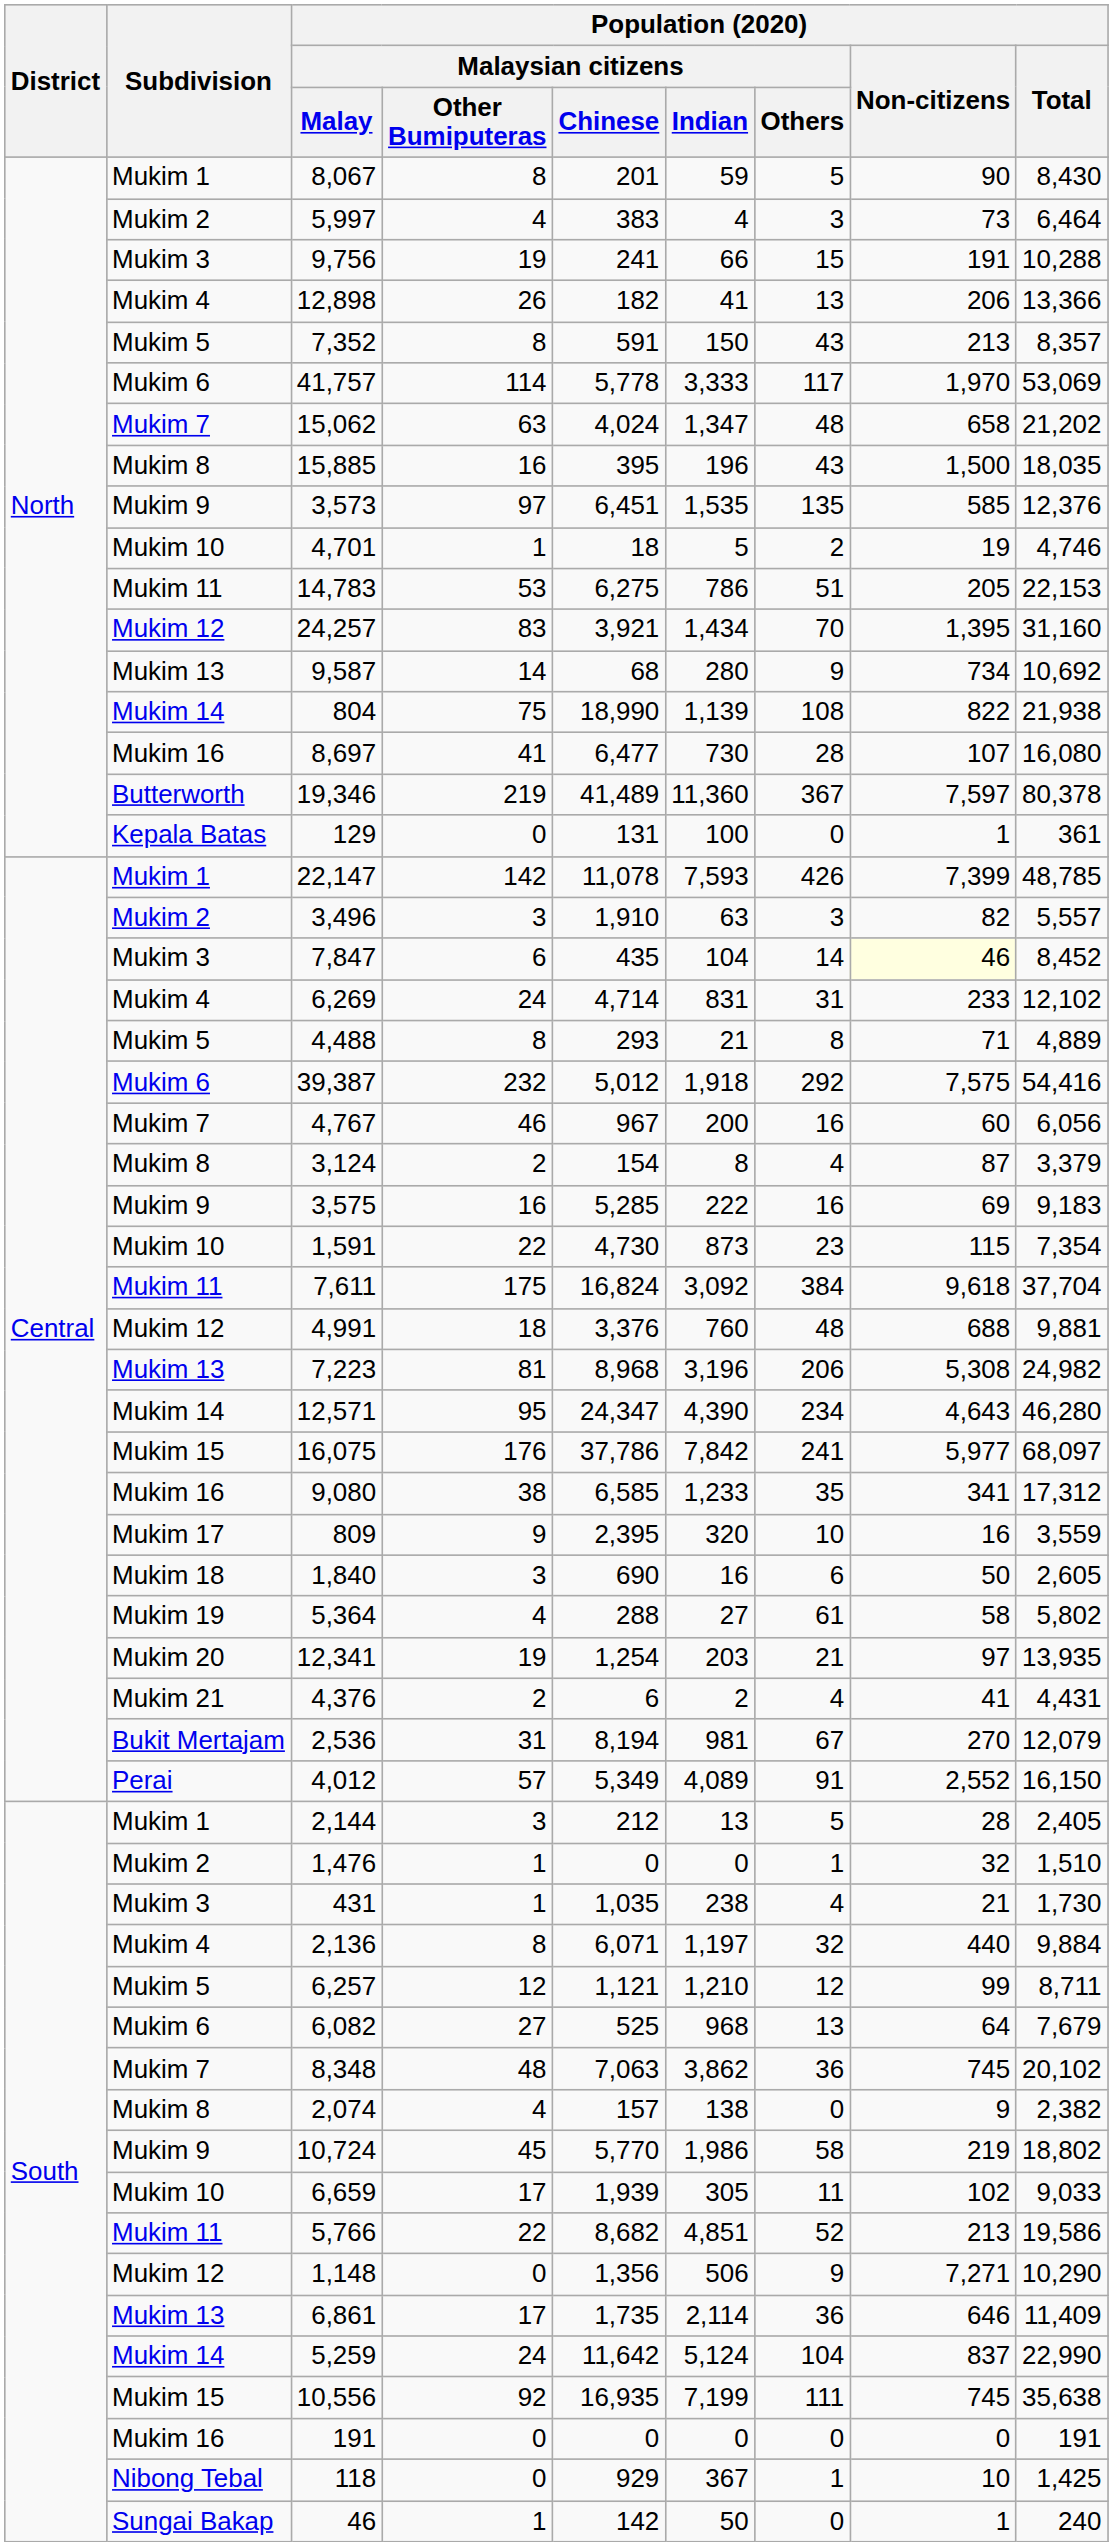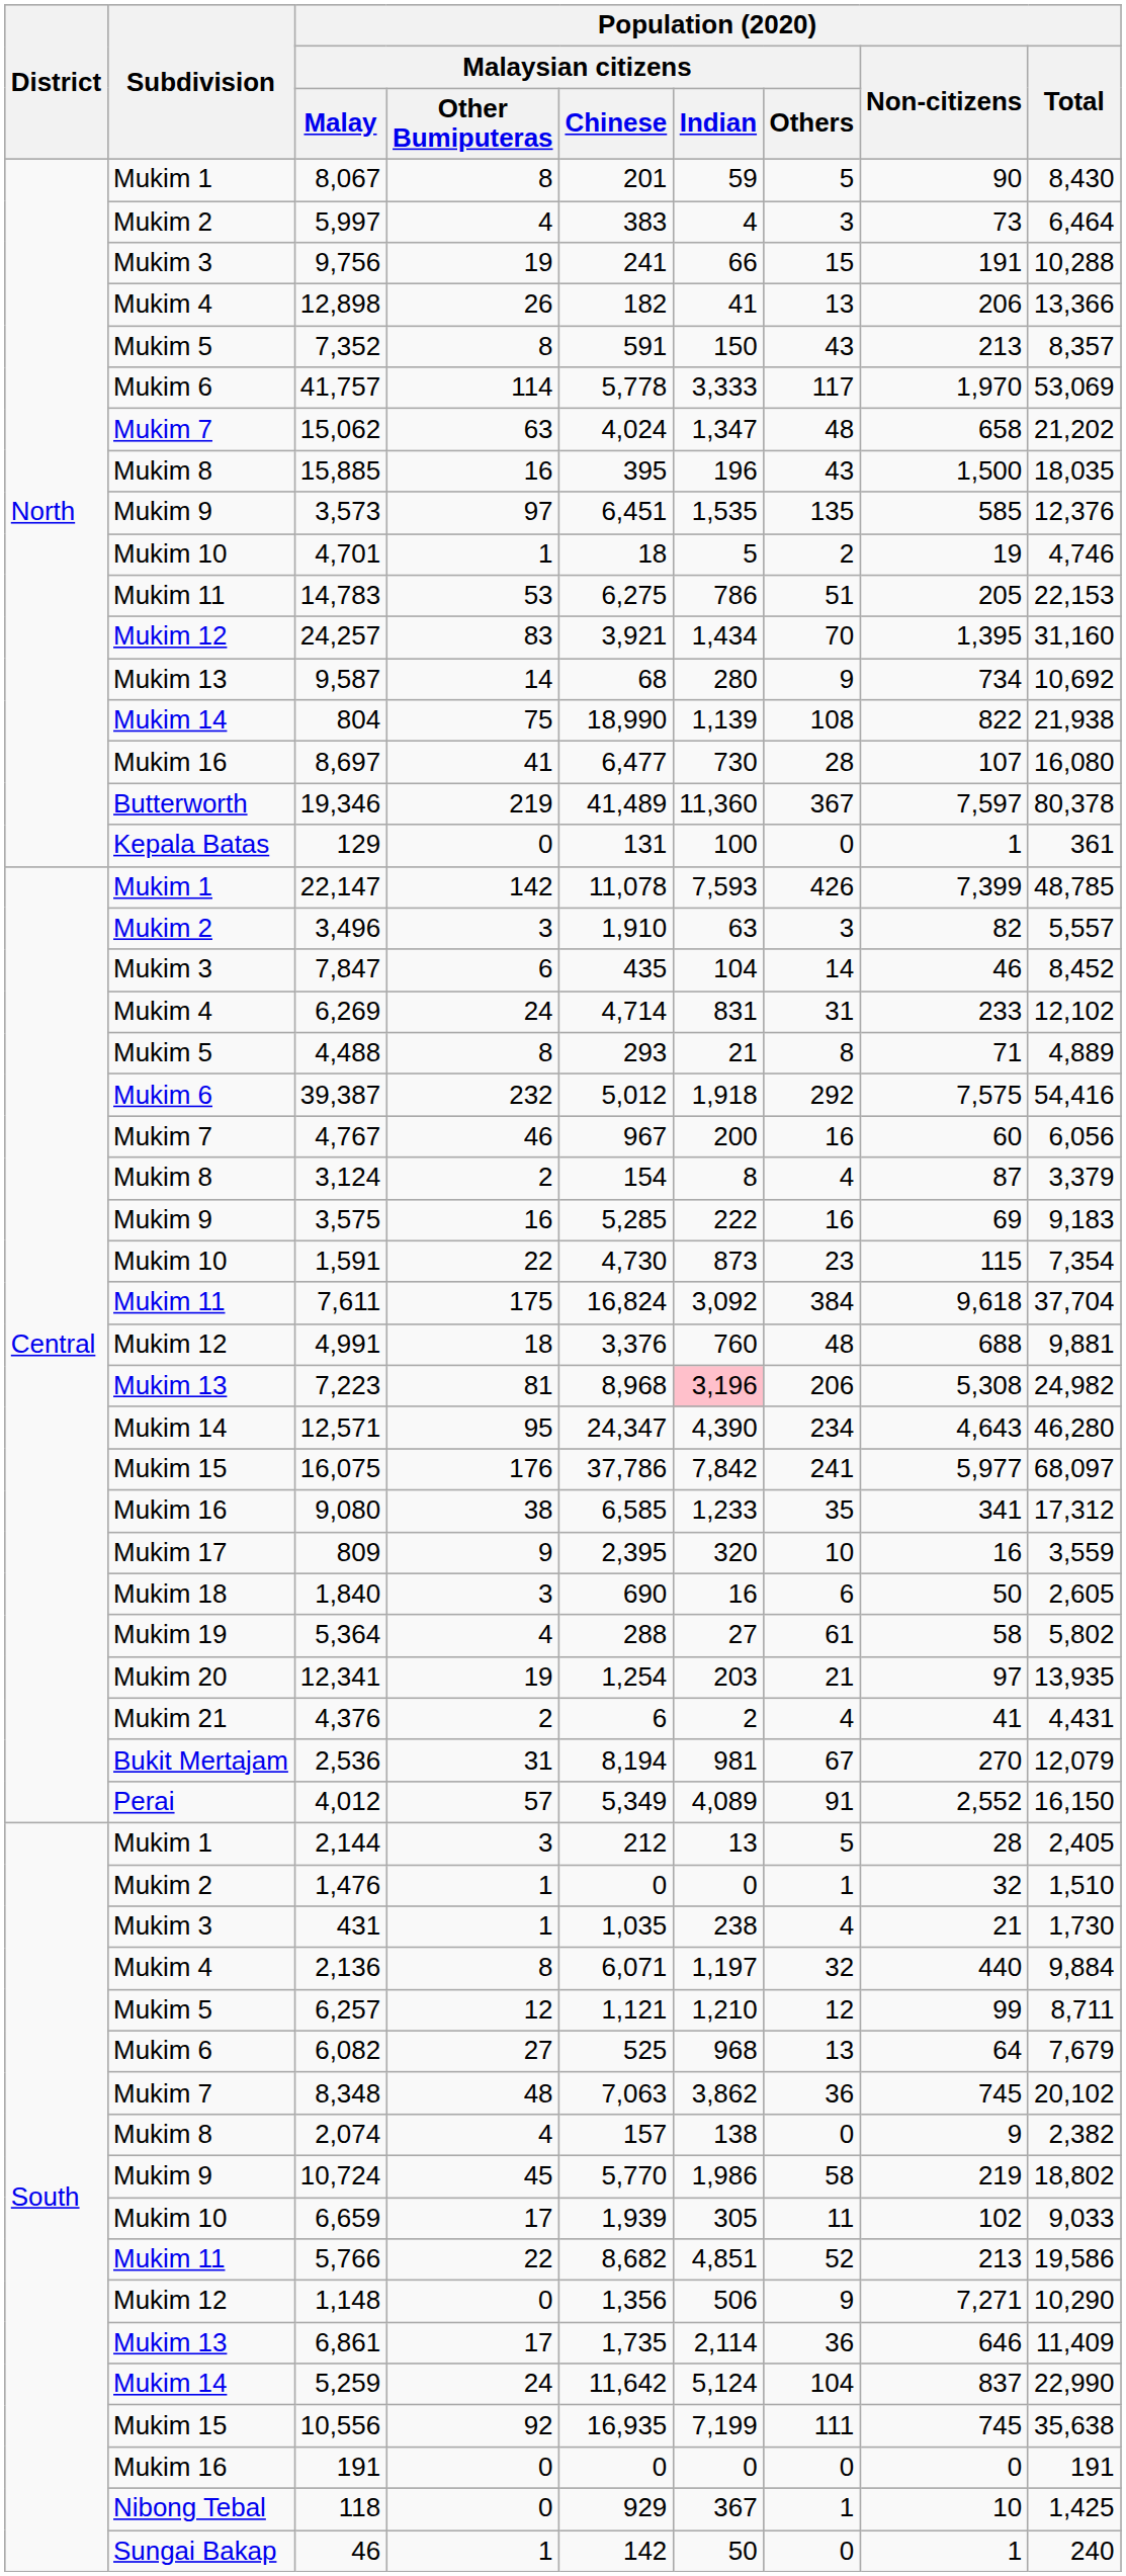 <table class="wikitable sortable mw-collapsible">
 <tr>
 <th rowspan="3">District</th>
 <th rowspan="3">Subdivision</th>
 <th colspan="7">Population (2020)</th>
 </tr>
 <tr>
 <th colspan="5">Malaysian citizens</th>
 <th rowspan="2">Non-citizens</th>
 <th rowspan="2">Total</th>
 </tr>
 <tr>
 <th><a href='#'>Malay</a></th>
 <th>Other<br><a href='#'>Bumiputeras</a></th>
 <th><a href='#'>Chinese</a></th>
 <th><a href='#'>Indian</a></th>
 <th>Others</th>
 </tr>
 <tr>
 <td rowspan="17"><a href='#'>North</a></td>
 <td>Mukim 1</td>
 <td align="right">8,067</td>
 <td align="right">8</td>
 <td align="right">201</td>
 <td align="right">59</td>
 <td align="right">5</td>
 <td align="right">90</td>
 <td align="right">8,430</td>
 </tr>
 <tr>
 <td>Mukim 2</td>
 <td align="right">5,997</td>
 <td align="right">4</td>
 <td align="right">383</td>
 <td align="right">4</td>
 <td align="right">3</td>
 <td align="right">73</td>
 <td align="right">6,464</td>
 </tr>
 <tr>
 <td>Mukim 3</td>
 <td align="right">9,756</td>
 <td align="right">19</td>
 <td align="right">241</td>
 <td align="right">66</td>
 <td align="right">15</td>
 <td align="right">191</td>
 <td align="right">10,288</td>
 </tr>
 <tr>
 <td>Mukim 4</td>
 <td align="right">12,898</td>
 <td align="right">26</td>
 <td align="right">182</td>
 <td align="right">41</td>
 <td align="right">13</td>
 <td align="right">206</td>
 <td align="right">13,366</td>
 </tr>
 <tr>
 <td>Mukim 5</td>
 <td align="right">7,352</td>
 <td align="right">8</td>
 <td align="right">591</td>
 <td align="right">150</td>
 <td align="right">43</td>
 <td align="right">213</td>
 <td align="right">8,357</td>
 </tr>
 <tr>
 <td>Mukim 6</td>
 <td align="right">41,757</td>
 <td align="right">114</td>
 <td align="right">5,778</td>
 <td align="right">3,333</td>
 <td align="right">117</td>
 <td align="right">1,970</td>
 <td align="right">53,069</td>
 </tr>
 <tr>
 <td><a href='#'>Mukim 7</a></td>
 <td align="right">15,062</td>
 <td align="right">63</td>
 <td align="right">4,024</td>
 <td align="right">1,347</td>
 <td align="right">48</td>
 <td align="right">658</td>
 <td align="right">21,202</td>
 </tr>
 <tr>
 <td>Mukim 8</td>
 <td align="right">15,885</td>
 <td align="right">16</td>
 <td align="right">395</td>
 <td align="right">196</td>
 <td align="right">43</td>
 <td align="right">1,500</td>
 <td align="right">18,035</td>
 </tr>
 <tr>
 <td>Mukim 9</td>
 <td align="right">3,573</td>
 <td align="right">97</td>
 <td align="right">6,451</td>
 <td align="right">1,535</td>
 <td align="right">135</td>
 <td align="right">585</td>
 <td align="right">12,376</td>
 </tr>
 <tr>
 <td>Mukim 10</td>
 <td align="right">4,701</td>
 <td align="right">1</td>
 <td align="right">18</td>
 <td align="right">5</td>
 <td align="right">2</td>
 <td align="right">19</td>
 <td align="right">4,746</td>
 </tr>
 <tr>
 <td>Mukim 11</td>
 <td align="right">14,783</td>
 <td align="right">53</td>
 <td align="right">6,275</td>
 <td align="right">786</td>
 <td align="right">51</td>
 <td align="right">205</td>
 <td align="right">22,153</td>
 </tr>
 <tr>
 <td><a href='#'>Mukim 12</a></td>
 <td align="right">24,257</td>
 <td align="right">83</td>
 <td align="right">3,921</td>
 <td align="right">1,434</td>
 <td align="right">70</td>
 <td align="right">1,395</td>
 <td align="right">31,160</td>
 </tr>
 <tr>
 <td>Mukim 13</td>
 <td align="right">9,587</td>
 <td align="right">14</td>
 <td align="right">68</td>
 <td align="right">280</td>
 <td align="right">9</td>
 <td align="right">734</td>
 <td align="right">10,692</td>
 </tr>
 <tr>
 <td><a href='#'>Mukim 14</a></td>
 <td align="right">804</td>
 <td align="right">75</td>
 <td align="right">18,990</td>
 <td align="right">1,139</td>
 <td align="right">108</td>
 <td align="right">822</td>
 <td align="right">21,938</td>
 </tr>
 <tr>
 <td>Mukim 16</td>
 <td align="right">8,697</td>
 <td align="right">41</td>
 <td align="right">6,477</td>
 <td align="right">730</td>
 <td align="right">28</td>
 <td align="right">107</td>
 <td align="right">16,080</td>
 </tr>
 <tr>
 <td><a href='#'>Butterworth</a></td>
 <td align="right">19,346</td>
 <td align="right">219</td>
 <td align="right">41,489</td>
 <td align="right">11,360</td>
 <td align="right">367</td>
 <td align="right">7,597</td>
 <td align="right">80,378</td>
 </tr>
 <tr>
 <td><a href='#'>Kepala Batas</a></td>
 <td align="right">129</td>
 <td align="right">0</td>
 <td align="right">131</td>
 <td align="right">100</td>
 <td align="right">0</td>
 <td align="right">1</td>
 <td align="right">361</td>
 </tr>
 <tr>
 <td rowspan="23"><a href='#'>Central</a></td>
 <td><a href='#'>Mukim 1</a></td>
 <td align="right">22,147</td>
 <td align="right">142</td>
 <td align="right">11,078</td>
 <td align="right">7,593</td>
 <td align="right">426</td>
 <td align="right">7,399</td>
 <td align="right">48,785</td>
 </tr>
 <tr>
 <td><a href='#'>Mukim 2</a></td>
 <td align="right">3,496</td>
 <td align="right">3</td>
 <td align="right">1,910</td>
 <td align="right">63</td>
 <td align="right">3</td>
 <td align="right">82</td>
 <td align="right">5,557</td>
 </tr>
 <tr>
 <td>Mukim 3</td>
 <td align="right">7,847</td>
 <td align="right">6</td>
 <td align="right">435</td>
 <td align="right">104</td>
 <td align="right">14</td>
-<td align="right" style="background: lightyellow;">46</td>
+<td align="right">46</td>
 <td align="right">8,452</td>
 </tr>
 <tr>
 <td>Mukim 4</td>
 <td align="right">6,269</td>
 <td align="right">24</td>
 <td align="right">4,714</td>
 <td align="right">831</td>
 <td align="right">31</td>
 <td align="right">233</td>
 <td align="right">12,102</td>
 </tr>
 <tr>
 <td>Mukim 5</td>
 <td align="right">4,488</td>
 <td align="right">8</td>
 <td align="right">293</td>
 <td align="right">21</td>
 <td align="right">8</td>
 <td align="right">71</td>
 <td align="right">4,889</td>
 </tr>
 <tr>
 <td><a href='#'>Mukim 6</a></td>
 <td align="right">39,387</td>
 <td align="right">232</td>
 <td align="right">5,012</td>
 <td align="right">1,918</td>
 <td align="right">292</td>
 <td align="right">7,575</td>
 <td align="right">54,416</td>
 </tr>
 <tr>
 <td>Mukim 7</td>
 <td align="right">4,767</td>
 <td align="right">46</td>
 <td align="right">967</td>
 <td align="right">200</td>
 <td align="right">16</td>
 <td align="right">60</td>
 <td align="right">6,056</td>
 </tr>
 <tr>
 <td>Mukim 8</td>
 <td align="right">3,124</td>
 <td align="right">2</td>
 <td align="right">154</td>
 <td align="right">8</td>
 <td align="right">4</td>
 <td align="right">87</td>
 <td align="right">3,379</td>
 </tr>
 <tr>
 <td>Mukim 9</td>
 <td align="right">3,575</td>
 <td align="right">16</td>
 <td align="right">5,285</td>
 <td align="right">222</td>
 <td align="right">16</td>
 <td align="right">69</td>
 <td align="right">9,183</td>
 </tr>
 <tr>
 <td>Mukim 10</td>
 <td align="right">1,591</td>
 <td align="right">22</td>
 <td align="right">4,730</td>
 <td align="right">873</td>
 <td align="right">23</td>
 <td align="right">115</td>
 <td align="right">7,354</td>
 </tr>
 <tr>
 <td><a href='#'>Mukim 11</a></td>
 <td align="right">7,611</td>
 <td align="right">175</td>
 <td align="right">16,824</td>
 <td align="right">3,092</td>
 <td align="right">384</td>
 <td align="right">9,618</td>
 <td align="right">37,704</td>
 </tr>
 <tr>
 <td>Mukim 12</td>
 <td align="right">4,991</td>
 <td align="right">18</td>
 <td align="right">3,376</td>
 <td align="right">760</td>
 <td align="right">48</td>
 <td align="right">688</td>
 <td align="right">9,881</td>
 </tr>
 <tr>
 <td><a href='#'>Mukim 13</a></td>
 <td align="right">7,223</td>
 <td align="right">81</td>
 <td align="right">8,968</td>
-<td align="right">3,196</td>
+<td align="right" style="background: pink;">3,196</td>
 <td align="right">206</td>
 <td align="right">5,308</td>
 <td align="right">24,982</td>
 </tr>
 <tr>
 <td>Mukim 14</td>
 <td align="right">12,571</td>
 <td align="right">95</td>
 <td align="right">24,347</td>
 <td align="right">4,390</td>
 <td align="right">234</td>
 <td align="right">4,643</td>
 <td align="right">46,280</td>
 </tr>
 <tr>
 <td>Mukim 15</td>
 <td align="right">16,075</td>
 <td align="right">176</td>
 <td align="right">37,786</td>
 <td align="right">7,842</td>
 <td align="right">241</td>
 <td align="right">5,977</td>
 <td align="right">68,097</td>
 </tr>
 <tr>
 <td>Mukim 16</td>
 <td align="right">9,080</td>
 <td align="right">38</td>
 <td align="right">6,585</td>
 <td align="right">1,233</td>
 <td align="right">35</td>
 <td align="right">341</td>
 <td align="right">17,312</td>
 </tr>
 <tr>
 <td>Mukim 17</td>
 <td align="right">809</td>
 <td align="right">9</td>
 <td align="right">2,395</td>
 <td align="right">320</td>
 <td align="right">10</td>
 <td align="right">16</td>
 <td align="right">3,559</td>
 </tr>
 <tr>
 <td>Mukim 18</td>
 <td align="right">1,840</td>
 <td align="right">3</td>
 <td align="right">690</td>
 <td align="right">16</td>
 <td align="right">6</td>
 <td align="right">50</td>
 <td align="right">2,605</td>
 </tr>
 <tr>
 <td>Mukim 19</td>
 <td align="right">5,364</td>
 <td align="right">4</td>
 <td align="right">288</td>
 <td align="right">27</td>
 <td align="right">61</td>
 <td align="right">58</td>
 <td align="right">5,802</td>
 </tr>
 <tr>
 <td>Mukim 20</td>
 <td align="right">12,341</td>
 <td align="right">19</td>
 <td align="right">1,254</td>
 <td align="right">203</td>
 <td align="right">21</td>
 <td align="right">97</td>
 <td align="right">13,935</td>
 </tr>
 <tr>
 <td>Mukim 21</td>
 <td align="right">4,376</td>
 <td align="right">2</td>
 <td align="right">6</td>
 <td align="right">2</td>
 <td align="right">4</td>
 <td align="right">41</td>
 <td align="right">4,431</td>
 </tr>
 <tr>
 <td><a href='#'>Bukit Mertajam</a></td>
 <td align="right">2,536</td>
 <td align="right">31</td>
 <td align="right">8,194</td>
 <td align="right">981</td>
 <td align="right">67</td>
 <td align="right">270</td>
 <td align="right">12,079</td>
 </tr>
 <tr>
 <td><a href='#'>Perai</a></td>
 <td align="right">4,012</td>
 <td align="right">57</td>
 <td align="right">5,349</td>
 <td align="right">4,089</td>
 <td align="right">91</td>
 <td align="right">2,552</td>
 <td align="right">16,150</td>
 </tr>
 <tr>
 <td rowspan="18"><a href='#'>South</a></td>
 <td>Mukim 1</td>
 <td align="right">2,144</td>
 <td align="right">3</td>
 <td align="right">212</td>
 <td align="right">13</td>
 <td align="right">5</td>
 <td align="right">28</td>
 <td align="right">2,405</td>
 </tr>
 <tr>
 <td>Mukim 2</td>
 <td align="right">1,476</td>
 <td align="right">1</td>
 <td align="right">0</td>
 <td align="right">0</td>
 <td align="right">1</td>
 <td align="right">32</td>
 <td align="right">1,510</td>
 </tr>
 <tr>
 <td>Mukim 3</td>
 <td align="right">431</td>
 <td align="right">1</td>
 <td align="right">1,035</td>
 <td align="right">238</td>
 <td align="right">4</td>
 <td align="right">21</td>
 <td align="right">1,730</td>
 </tr>
 <tr>
 <td>Mukim 4</td>
 <td align="right">2,136</td>
 <td align="right">8</td>
 <td align="right">6,071</td>
 <td align="right">1,197</td>
 <td align="right">32</td>
 <td align="right">440</td>
 <td align="right">9,884</td>
 </tr>
 <tr>
 <td>Mukim 5</td>
 <td align="right">6,257</td>
 <td align="right">12</td>
 <td align="right">1,121</td>
 <td align="right">1,210</td>
 <td align="right">12</td>
 <td align="right">99</td>
 <td align="right">8,711</td>
 </tr>
 <tr>
 <td>Mukim 6</td>
 <td align="right">6,082</td>
 <td align="right">27</td>
 <td align="right">525</td>
 <td align="right">968</td>
 <td align="right">13</td>
 <td align="right">64</td>
 <td align="right">7,679</td>
 </tr>
 <tr>
 <td>Mukim 7</td>
 <td align="right">8,348</td>
 <td align="right">48</td>
 <td align="right">7,063</td>
 <td align="right">3,862</td>
 <td align="right">36</td>
 <td align="right">745</td>
 <td align="right">20,102</td>
 </tr>
 <tr>
 <td>Mukim 8</td>
 <td align="right">2,074</td>
 <td align="right">4</td>
 <td align="right">157</td>
 <td align="right">138</td>
 <td align="right">0</td>
 <td align="right">9</td>
 <td align="right">2,382</td>
 </tr>
 <tr>
 <td>Mukim 9</td>
 <td align="right">10,724</td>
 <td align="right">45</td>
 <td align="right">5,770</td>
 <td align="right">1,986</td>
 <td align="right">58</td>
 <td align="right">219</td>
 <td align="right">18,802</td>
 </tr>
 <tr>
 <td>Mukim 10</td>
 <td align="right">6,659</td>
 <td align="right">17</td>
 <td align="right">1,939</td>
 <td align="right">305</td>
 <td align="right">11</td>
 <td align="right">102</td>
 <td align="right">9,033</td>
 </tr>
 <tr>
 <td><a href='#'>Mukim 11</a></td>
 <td align="right">5,766</td>
 <td align="right">22</td>
 <td align="right">8,682</td>
 <td align="right">4,851</td>
 <td align="right">52</td>
 <td align="right">213</td>
 <td align="right">19,586</td>
 </tr>
 <tr>
 <td>Mukim 12</td>
 <td align="right">1,148</td>
 <td align="right">0</td>
 <td align="right">1,356</td>
 <td align="right">506</td>
 <td align="right">9</td>
 <td align="right">7,271</td>
 <td align="right">10,290</td>
 </tr>
 <tr>
 <td><a href='#'>Mukim 13</a></td>
 <td align="right">6,861</td>
 <td align="right">17</td>
 <td align="right">1,735</td>
 <td align="right">2,114</td>
 <td align="right">36</td>
 <td align="right">646</td>
 <td align="right">11,409</td>
 </tr>
 <tr>
 <td><a href='#'>Mukim 14</a></td>
 <td align="right">5,259</td>
 <td align="right">24</td>
 <td align="right">11,642</td>
 <td align="right">5,124</td>
 <td align="right">104</td>
 <td align="right">837</td>
 <td align="right">22,990</td>
 </tr>
 <tr>
 <td>Mukim 15</td>
 <td align="right">10,556</td>
 <td align="right">92</td>
 <td align="right">16,935</td>
 <td align="right">7,199</td>
 <td align="right">111</td>
 <td align="right">745</td>
 <td align="right">35,638</td>
 </tr>
 <tr>
 <td>Mukim 16</td>
 <td align="right">191</td>
 <td align="right">0</td>
 <td align="right">0</td>
 <td align="right">0</td>
 <td align="right">0</td>
 <td align="right">0</td>
 <td align="right">191</td>
 </tr>
 <tr>
 <td><a href='#'>Nibong Tebal</a></td>
 <td align="right">118</td>
 <td align="right">0</td>
 <td align="right">929</td>
 <td align="right">367</td>
 <td align="right">1</td>
 <td align="right">10</td>
 <td align="right">1,425</td>
 </tr>
 <tr>
 <td><a href='#'>Sungai Bakap</a></td>
 <td align="right">46</td>
 <td align="right">1</td>
 <td align="right">142</td>
 <td align="right">50</td>
 <td align="right">0</td>
 <td align="right">1</td>
 <td align="right">240</td>
 </tr>
 </table>
